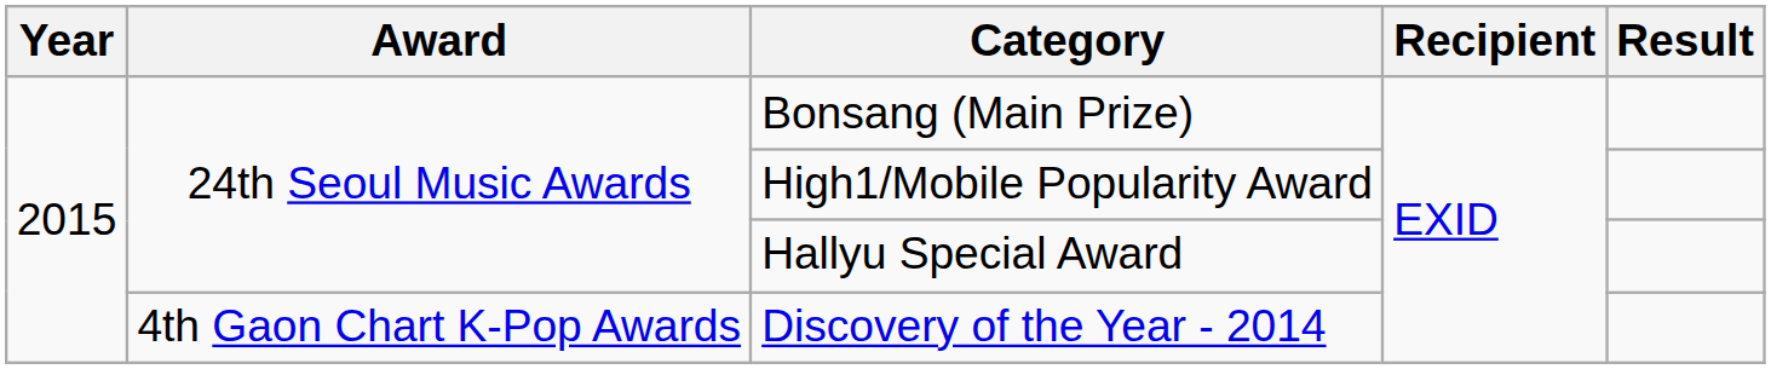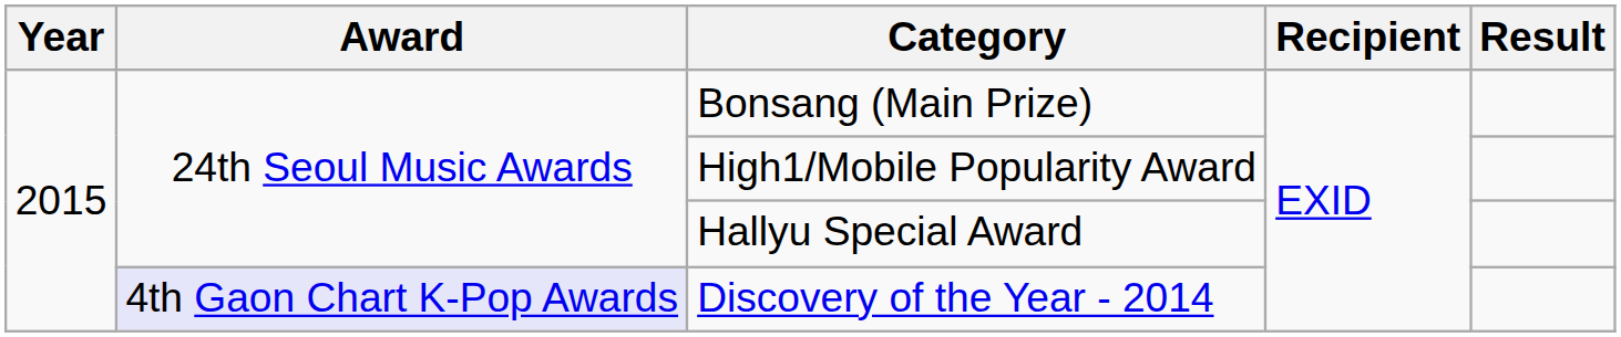 <table class="wikitable">
 <tr>
 <th>Year</th>
 <th>Award</th>
 <th>Category</th>
 <th>Recipient</th>
 <th>Result</th>
 </tr>
 <tr>
 <td rowspan="4" style="text-align:center;">2015</td>
 <td rowspan="3" style="text-align:center;">24th <a href='#'>Seoul Music Awards</a></td>
 <td>Bonsang (Main Prize)</td>
 <td rowspan="4"><a href='#'>EXID</a></td>
 <td></td>
 </tr>
 <tr>
 <td>High1/Mobile Popularity Award</td>
 <td></td>
 </tr>
 <tr>
 <td>Hallyu Special Award</td>
 <td></td>
 </tr>
 <tr>
-<td style="text-align:center;">4th <a href='#'>Gaon Chart K-Pop Awards</a></td>
+<td style="background: lavender; text-align:center;">4th <a href='#'>Gaon Chart K-Pop Awards</a></td>
 <td><a href='#'>Discovery of the Year - 2014</a></td>
 <td></td>
 </tr>
 </table>
